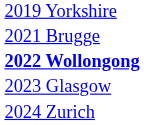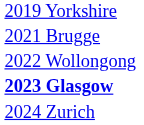 <table>
 <tr>
 <td><a href='#'>2019 Yorkshire</a><br></td>
 <td> </td>
 <td> </td>
 <td> </td>
 </tr>
 <tr>
 <td><a href='#'>2021 Brugge</a><br></td>
 <td> </td>
 <td> </td>
 <td> </td>
 </tr>
 <tr>
-<td><strong><a href='#'>2022 Wollongong</a><br></strong></td>
+<td><a href='#'>2022 Wollongong</a><br></td>
 <td> </td>
 <td> </td>
 <td> </td>
 </tr>
 <tr>
-<td><a href='#'>2023 Glasgow</a><br></td>
+<td><strong><a href='#'>2023 Glasgow</a><br></strong></td>
 <td> </td>
 <td> </td>
 <td> </td>
 </tr>
 <tr>
 <td><a href='#'>2024 Zurich</a><br></td>
 <td> </td>
 <td> </td>
 <td> </td>
 </tr>
 </table>
